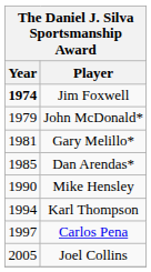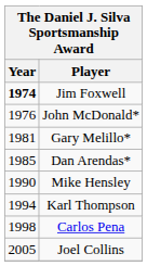 <table class="wikitable" style="display: inline-table; margin-right: 20px; text-align:center">
 <tr>
 <th scope="col" colspan="2" style="width: 145px;">The Daniel J. Silva Sportsmanship Award</th>
 </tr>
 <tr>
 <th scope="col">Year</th>
 <th scope="col">Player</th>
 </tr>
 <tr>
 <td><strong>1974</strong></td>
 <td>Jim Foxwell</td>
 </tr>
 <tr>
-<td>1979</td>
+<td>1976</td>
 <td>John McDonald*</td>
 </tr>
 <tr>
 <td>1981</td>
 <td>Gary Melillo*</td>
 </tr>
 <tr>
 <td>1985</td>
 <td>Dan Arendas*</td>
 </tr>
 <tr>
 <td>1990</td>
 <td>Mike Hensley</td>
 </tr>
 <tr>
 <td>1994</td>
 <td>Karl Thompson</td>
 </tr>
 <tr>
-<td>1997</td>
+<td>1998</td>
 <td><a href='#'>Carlos Pena</a></td>
 </tr>
 <tr>
 <td>2005</td>
 <td>Joel Collins</td>
 </tr>
 <tr>
 </tr>
 </table>
